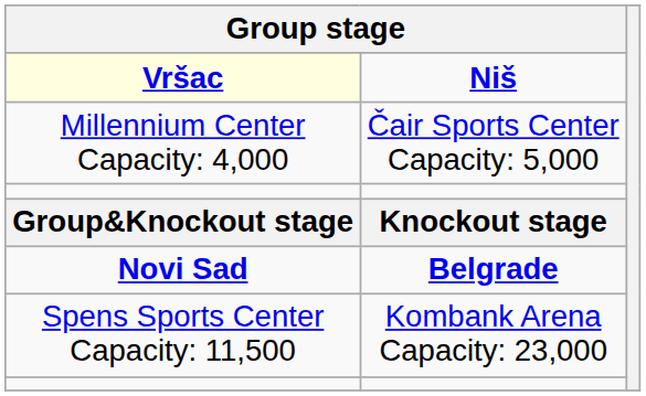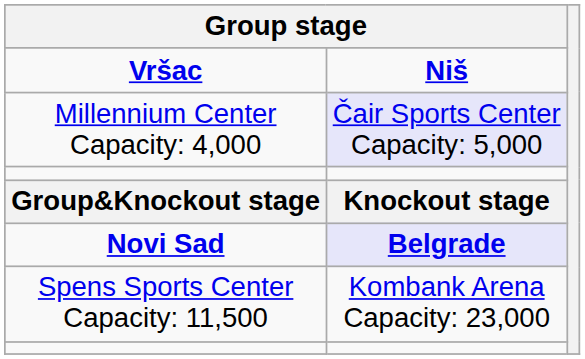 <table class="wikitable" style="text-align:center;">
 <tr>
 <th colspan=2>Group stage</th>
 <th rowspan=8><div><br>         </div></th>
 </tr>
 <tr>
-<td style="background: lightyellow;"><strong><a href='#'>Vršac</a></strong></td>
+<td><strong><a href='#'>Vršac</a></strong></td>
 <td><strong><a href='#'>Niš</a></strong></td>
 </tr>
 <tr>
 <td><a href='#'>Millennium Center</a><br>Capacity: 4,000</td>
-<td><a href='#'>Čair Sports Center</a><br>Capacity: 5,000</td>
+<td style="background: lavender;"><a href='#'>Čair Sports Center</a><br>Capacity: 5,000</td>
 </tr>
 <tr>
 <td></td>
 <td></td>
 </tr>
 <tr>
 <th>Group&Knockout stage</th>
 <th>Knockout stage</th>
 </tr>
 <tr>
 <td><strong><a href='#'>Novi Sad</a></strong></td>
-<td><strong><a href='#'>Belgrade</a></strong></td>
+<td style="background: lavender;"><strong><a href='#'>Belgrade</a></strong></td>
 </tr>
 <tr>
 <td><a href='#'>Spens Sports Center</a><br>Capacity: 11,500</td>
 <td><a href='#'>Kombank Arena</a><br>Capacity: 23,000</td>
 </tr>
 <tr>
 <td></td>
 <td></td>
 </tr>
 </table>
